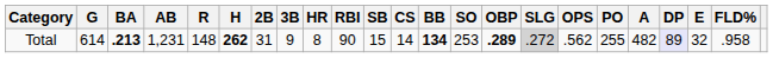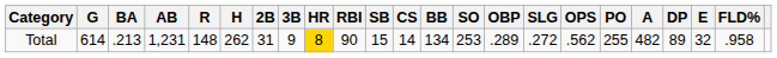 <table class="wikitable"  style="font-size: 95%; text-align:center;">
 <tr>
 <th>Category</th>
 <th>G</th>
 <th>BA</th>
 <th>AB</th>
 <th>R</th>
 <th>H</th>
 <th>2B</th>
 <th>3B</th>
 <th>HR</th>
 <th>RBI</th>
 <th>SB</th>
 <th>CS</th>
 <th>BB</th>
 <th>SO</th>
 <th>OBP</th>
 <th>SLG</th>
 <th>OPS</th>
 <th>PO</th>
 <th>A</th>
 <th>DP</th>
 <th>E</th>
 <th>FLD%</th>
 <th></th>
 </tr>
 <tr>
 <td>Total</td>
 <td>614</td>
-<td><strong>.213</strong></td>
+<td>.213</td>
 <td>1,231</td>
 <td>148</td>
-<td><strong>262</strong></td>
+<td>262</td>
 <td>31</td>
 <td>9</td>
-<td>8</td>
+<td style="background: gold;">8</td>
 <td>90</td>
 <td>15</td>
 <td>14</td>
-<td><strong>134</strong></td>
+<td>134</td>
 <td>253</td>
-<td><strong>.289</strong></td>
-<td style="background: lightgrey;">.272</td>
+<td>.289</td>
+<td>.272</td>
 <td>.562</td>
 <td>255</td>
 <td>482</td>
-<td style="background: lavender;">89</td>
+<td>89</td>
 <td>32</td>
 <td>.958</td>
 <td></td>
 </tr>
 </table>
